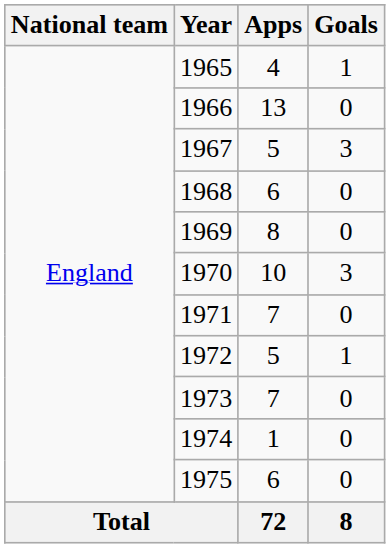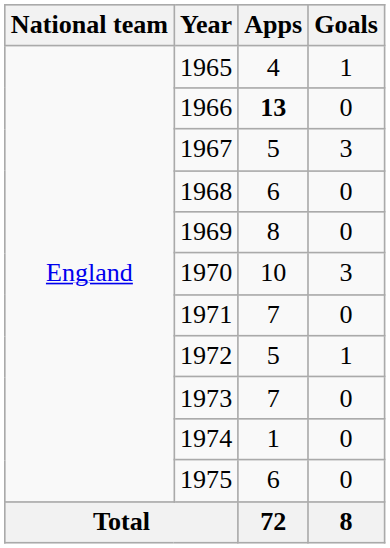 <table class="wikitable" style="text-align:center">
 <tr>
 <th>National team</th>
 <th>Year</th>
 <th>Apps</th>
 <th>Goals</th>
 </tr>
 <tr>
 <td rowspan="11"><a href='#'>England</a></td>
 <td>1965</td>
 <td>4</td>
 <td>1</td>
 </tr>
 <tr>
 <td>1966</td>
-<td>13</td>
+<td><strong>13</strong></td>
 <td>0</td>
 </tr>
 <tr>
 <td>1967</td>
 <td>5</td>
 <td>3</td>
 </tr>
 <tr>
 <td>1968</td>
 <td>6</td>
 <td>0</td>
 </tr>
 <tr>
 <td>1969</td>
 <td>8</td>
 <td>0</td>
 </tr>
 <tr>
 <td>1970</td>
 <td>10</td>
 <td>3</td>
 </tr>
 <tr>
 <td>1971</td>
 <td>7</td>
 <td>0</td>
 </tr>
 <tr>
 <td>1972</td>
 <td>5</td>
 <td>1</td>
 </tr>
 <tr>
 <td>1973</td>
 <td>7</td>
 <td>0</td>
 </tr>
 <tr>
 <td>1974</td>
 <td>1</td>
 <td>0</td>
 </tr>
 <tr>
 <td>1975</td>
 <td>6</td>
 <td>0</td>
 </tr>
 <tr>
 <th colspan="2">Total</th>
 <th>72</th>
 <th>8</th>
 </tr>
 </table>
